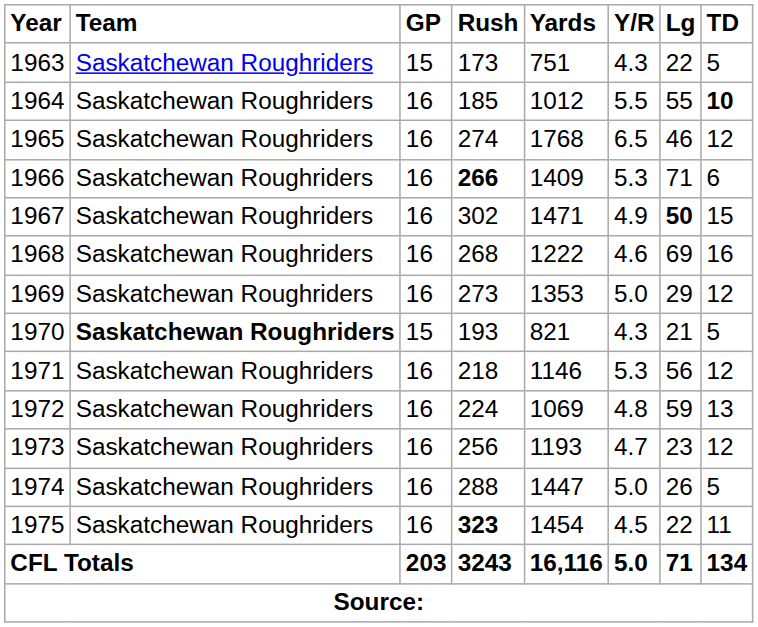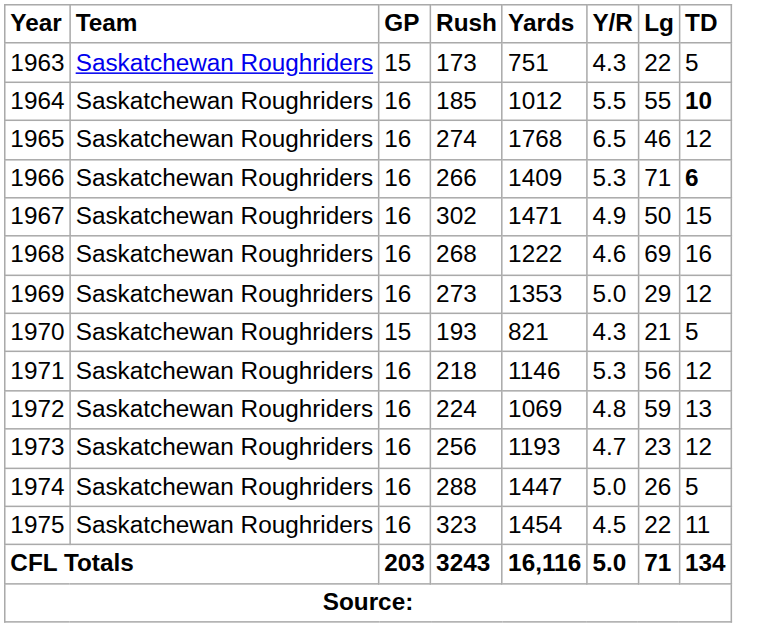 <table class="wikitable" border=0 style="background: #FFFFFF;">
 <tr>
 <td><strong>Year</strong></td>
 <td><strong>Team</strong></td>
 <td><strong>GP</strong></td>
 <td><strong>Rush</strong></td>
 <td><strong>Yards</strong></td>
 <td><strong>Y/R</strong></td>
 <td><strong>Lg</strong></td>
 <td><strong>TD</strong></td>
 </tr>
 <tr>
 <td>1963</td>
 <td><a href='#'>Saskatchewan Roughriders</a></td>
 <td>15</td>
 <td>173</td>
 <td>751</td>
 <td>4.3</td>
 <td>22</td>
 <td>5</td>
 </tr>
 <tr>
 <td>1964</td>
 <td>Saskatchewan Roughriders</td>
 <td>16</td>
 <td>185</td>
 <td>1012</td>
 <td>5.5</td>
 <td>55</td>
 <td><strong>10</strong></td>
 </tr>
 <tr>
 <td>1965</td>
 <td>Saskatchewan Roughriders</td>
 <td>16</td>
 <td>274</td>
 <td>1768</td>
 <td>6.5</td>
 <td>46</td>
 <td>12</td>
 </tr>
 <tr>
 <td>1966</td>
 <td>Saskatchewan Roughriders</td>
 <td>16</td>
-<td><strong>266</strong></td>
+<td>266</td>
 <td>1409</td>
 <td>5.3</td>
 <td>71</td>
-<td>6</td>
+<td><strong>6</strong></td>
 </tr>
 <tr>
 <td>1967</td>
 <td>Saskatchewan Roughriders</td>
 <td>16</td>
 <td>302</td>
 <td>1471</td>
 <td>4.9</td>
-<td><strong>50</strong></td>
+<td>50</td>
 <td>15</td>
 </tr>
 <tr>
 <td>1968</td>
 <td>Saskatchewan Roughriders</td>
 <td>16</td>
 <td>268</td>
 <td>1222</td>
 <td>4.6</td>
 <td>69</td>
 <td>16</td>
 </tr>
 <tr>
 <td>1969</td>
 <td>Saskatchewan Roughriders</td>
 <td>16</td>
 <td>273</td>
 <td>1353</td>
 <td>5.0</td>
 <td>29</td>
 <td>12</td>
 </tr>
 <tr>
 <td>1970</td>
-<td><strong>Saskatchewan Roughriders</strong></td>
+<td>Saskatchewan Roughriders</td>
 <td>15</td>
 <td>193</td>
 <td>821</td>
 <td>4.3</td>
 <td>21</td>
 <td>5</td>
 </tr>
 <tr>
 <td>1971</td>
 <td>Saskatchewan Roughriders</td>
 <td>16</td>
 <td>218</td>
 <td>1146</td>
 <td>5.3</td>
 <td>56</td>
 <td>12</td>
 </tr>
 <tr>
 <td>1972</td>
 <td>Saskatchewan Roughriders</td>
 <td>16</td>
 <td>224</td>
 <td>1069</td>
 <td>4.8</td>
 <td>59</td>
 <td>13</td>
 </tr>
 <tr>
 <td>1973</td>
 <td>Saskatchewan Roughriders</td>
 <td>16</td>
 <td>256</td>
 <td>1193</td>
 <td>4.7</td>
 <td>23</td>
 <td>12</td>
 </tr>
 <tr>
 <td>1974</td>
 <td>Saskatchewan Roughriders</td>
 <td>16</td>
 <td>288</td>
 <td>1447</td>
 <td>5.0</td>
 <td>26</td>
 <td>5</td>
 </tr>
 <tr>
 <td>1975</td>
 <td>Saskatchewan Roughriders</td>
 <td>16</td>
-<td><strong>323</strong></td>
+<td>323</td>
 <td>1454</td>
 <td>4.5</td>
 <td>22</td>
 <td>11</td>
 </tr>
 <tr>
 <td colspan="2"><strong>CFL Totals</strong></td>
 <td><strong>203</strong></td>
 <td><strong>3243</strong></td>
 <td><strong>16,116</strong></td>
 <td><strong>5.0</strong></td>
 <td><strong>71</strong></td>
 <td><strong>134</strong></td>
 </tr>
 <tr>
 <td colspan="8" style="text-align: center;"><strong>Source:</strong></td>
 </tr>
 </table>
